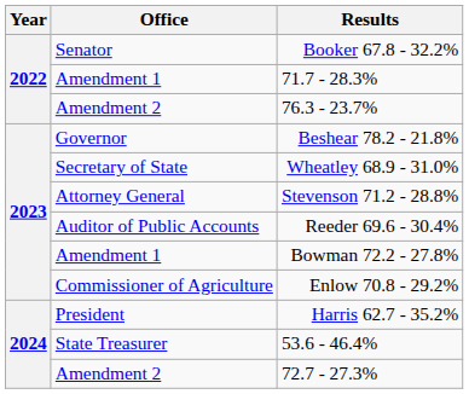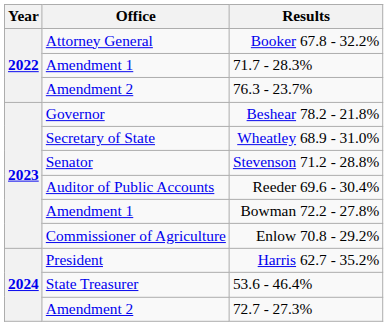 <table class=wikitable>
 <tr>
 <th>Year</th>
 <th>Office</th>
 <th>Results</th>
 </tr>
 <tr>
 <th rowspan=3><a href='#'>2022</a></th>
-<td><a href='#'>Senator</a></td>
+<td><a href='#'>Attorney General</a></td>
 <td align="right" ><a href='#'>Booker</a> 67.8 - 32.2%</td>
 </tr>
 <tr>
 <td><a href='#'>Amendment 1</a></td>
 <td> 71.7 - 28.3%</td>
 </tr>
 <tr>
 <td><a href='#'>Amendment 2</a></td>
 <td> 76.3 - 23.7%</td>
 </tr>
 <tr>
 <th rowspan=6><a href='#'>2023</a></th>
 <td><a href='#'>Governor</a></td>
 <td align="right" ><a href='#'>Beshear</a> 78.2 - 21.8%</td>
 </tr>
 <tr>
 <td><a href='#'>Secretary of State</a></td>
 <td align="right" ><a href='#'>Wheatley</a> 68.9 - 31.0%</td>
 </tr>
 <tr>
-<td><a href='#'>Attorney General</a></td>
+<td><a href='#'>Senator</a></td>
 <td align="right" ><a href='#'>Stevenson</a> 71.2 - 28.8%</td>
 </tr>
 <tr>
 <td><a href='#'>Auditor of Public Accounts</a></td>
 <td align="right" >Reeder 69.6 - 30.4%</td>
 </tr>
 <tr>
 <td><a href='#'>Amendment 1</a></td>
 <td align="right" >Bowman 72.2 - 27.8%</td>
 </tr>
 <tr>
 <td><a href='#'>Commissioner of Agriculture</a></td>
 <td align="right" >Enlow 70.8 - 29.2%</td>
 </tr>
 <tr>
 <th rowspan=3><a href='#'>2024</a></th>
 <td><a href='#'>President</a></td>
 <td align="right" ><a href='#'>Harris</a> 62.7 - 35.2%</td>
 </tr>
 <tr>
 <td><a href='#'>State Treasurer</a></td>
 <td> 53.6 - 46.4%</td>
 </tr>
 <tr>
 <td><a href='#'>Amendment 2</a></td>
 <td> 72.7 - 27.3%</td>
 </tr>
 </table>
